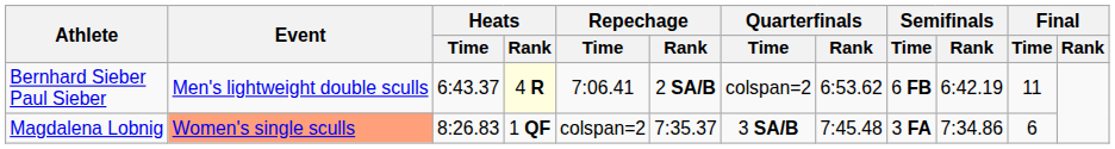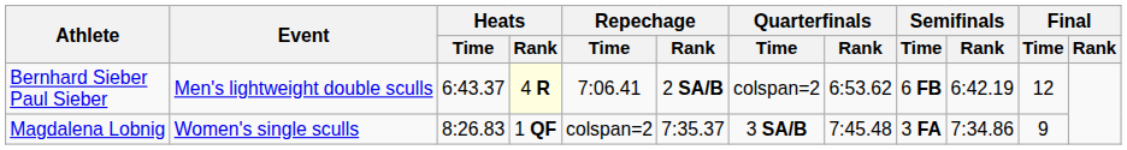 <table class="wikitable" style="font-size:90%">
 <tr>
 <th rowspan="2">Athlete</th>
 <th rowspan="2">Event</th>
 <th colspan="2">Heats</th>
 <th colspan="2">Repechage</th>
 <th colspan="2">Quarterfinals</th>
 <th colspan="2">Semifinals</th>
 <th colspan="2">Final</th>
 </tr>
 <tr style="font-size:95%">
 <th>Time</th>
 <th>Rank</th>
 <th>Time</th>
 <th>Rank</th>
 <th>Time</th>
 <th>Rank</th>
 <th>Time</th>
 <th>Rank</th>
 <th>Time</th>
 <th>Rank</th>
 </tr>
 <tr align=center>
 <td align=left><a href='#'>Bernhard Sieber</a><br><a href='#'>Paul Sieber</a></td>
 <td align=left><a href='#'>Men's lightweight double sculls</a></td>
 <td>6:43.37</td>
 <td style="background: lightyellow;">4 <strong>R</strong></td>
 <td>7:06.41</td>
 <td>2 <strong>SA/B</strong></td>
 <td>colspan=2 </td>
 <td>6:53.62</td>
 <td>6 <strong>FB</strong></td>
 <td>6:42.19</td>
-<td>11</td>
+<td>12</td>
 </tr>
 <tr align=center>
 <td align=left><a href='#'>Magdalena Lobnig</a></td>
-<td align=left style="background: lightsalmon;"><a href='#'>Women's single sculls</a></td>
+<td align=left><a href='#'>Women's single sculls</a></td>
 <td>8:26.83</td>
 <td>1 <strong>QF</strong></td>
 <td>colspan=2 </td>
 <td>7:35.37</td>
 <td>3 <strong>SA/B</strong></td>
 <td>7:45.48</td>
 <td>3 <strong>FA</strong></td>
 <td>7:34.86</td>
-<td>6</td>
+<td>9</td>
 </tr>
 </table>
